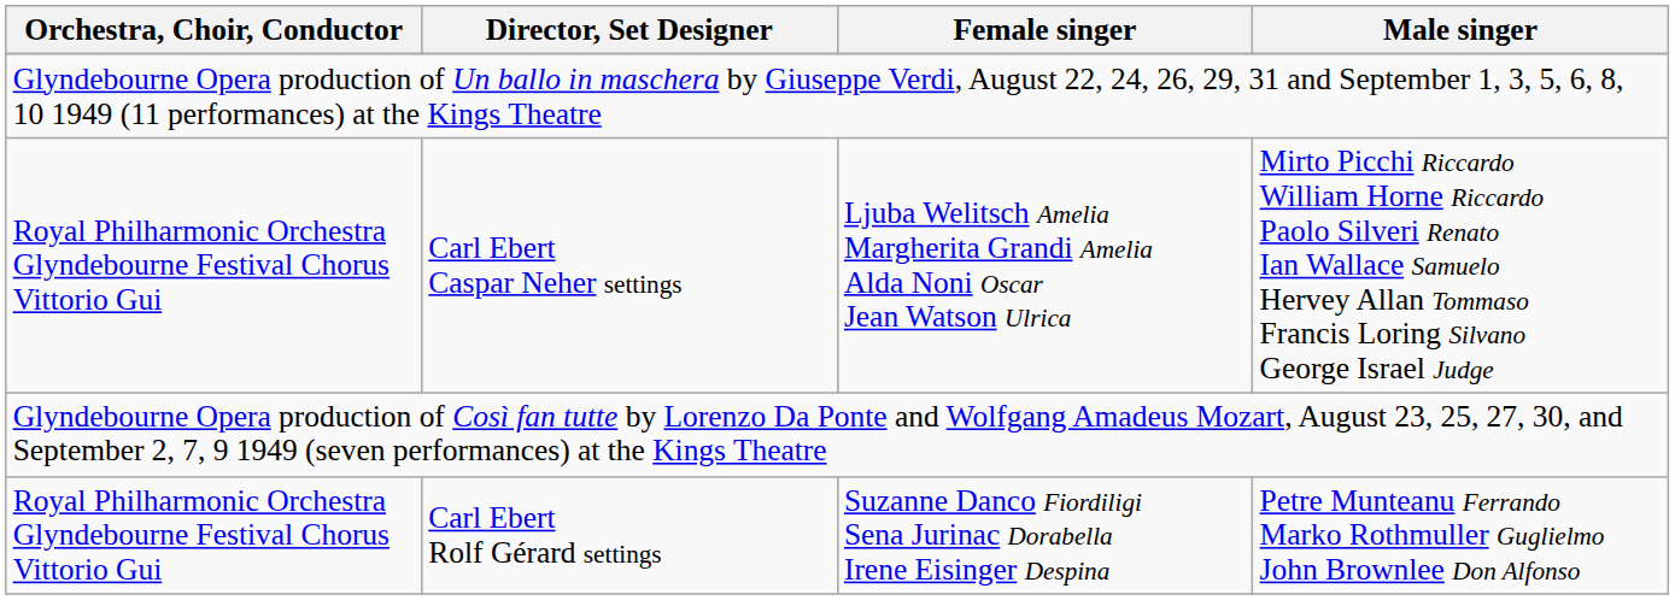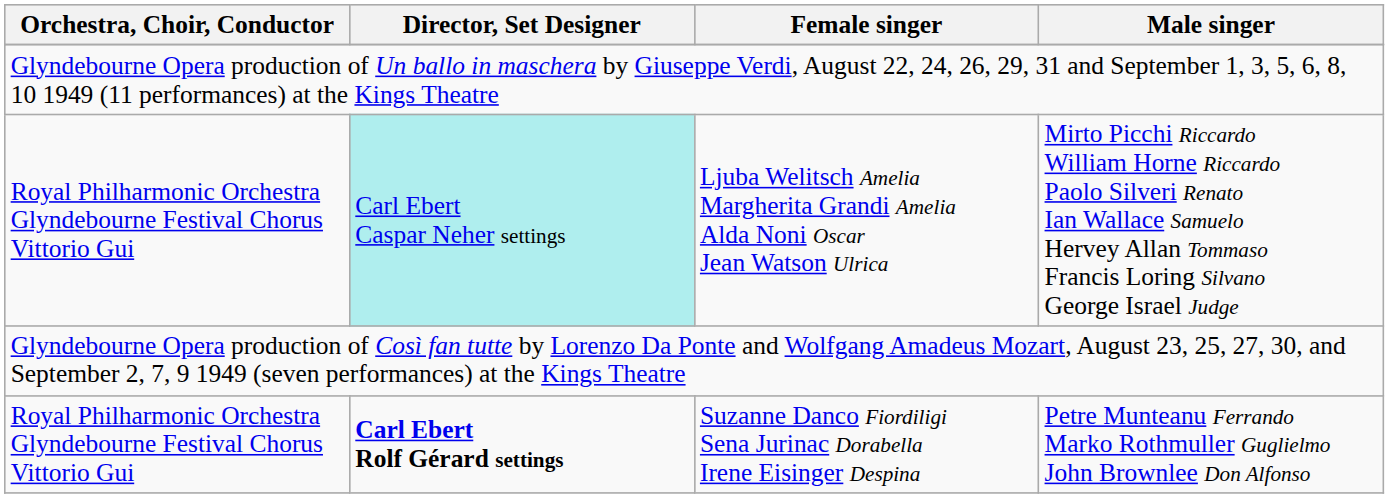 <table class="wikitable toptextcells">
 <tr class="hintergrundfarbe5">
 <th style="width:25%;">Orchestra, Choir, Conductor</th>
 <th style="width:25%;">Director, Set Designer</th>
 <th style="width:25%;">Female singer</th>
 <th style="width:25%;">Male singer</th>
 </tr>
 <tr>
 </tr>
 <tr class="hintergrundfarbe8">
 <td colspan="9"><a href='#'>Glyndebourne Opera</a> production of <em><a href='#'>Un ballo in maschera</a></em> by <a href='#'>Giuseppe Verdi</a>, August 22, 24, 26, 29, 31 and September 1, 3, 5, 6, 8, 10 1949 (11 performances) at the <a href='#'>Kings Theatre</a></td>
 </tr>
 <tr>
 <td><a href='#'>Royal Philharmonic Orchestra</a><br><a href='#'>Glyndebourne Festival Chorus</a><br><a href='#'>Vittorio Gui</a></td>
-<td><a href='#'>Carl Ebert</a><br><a href='#'>Caspar Neher</a> <small>settings</small></td>
+<td style="background: paleturquoise;"><a href='#'>Carl Ebert</a><br><a href='#'>Caspar Neher</a> <small>settings</small></td>
 <td><a href='#'>Ljuba Welitsch</a> <small><em>Amelia</em></small><br><a href='#'>Margherita Grandi</a> <small><em>Amelia</em></small><br><a href='#'>Alda Noni</a> <small><em>Oscar</em></small><br><a href='#'>Jean Watson</a> <small><em>Ulrica</em></small></td>
 <td><a href='#'>Mirto Picchi</a> <small><em>Riccardo</em></small><br><a href='#'>William Horne</a> <small><em>Riccardo</em></small><br><a href='#'>Paolo Silveri</a> <small><em>Renato</em></small><br><a href='#'>Ian Wallace</a> <small><em>Samuelo</em></small><br>Hervey Allan <small><em>Tommaso</em></small><br>Francis Loring <small><em>Silvano</em></small><br>George Israel <small><em>Judge</em></small></td>
 </tr>
 <tr class="hintergrundfarbe8">
 <td colspan="9"><a href='#'>Glyndebourne Opera</a> production of <em><a href='#'>Così fan tutte</a></em> by <a href='#'>Lorenzo Da Ponte</a> and <a href='#'>Wolfgang Amadeus Mozart</a>, August 23, 25, 27, 30, and September 2, 7, 9 1949 (seven performances) at the <a href='#'>Kings Theatre</a></td>
 </tr>
 <tr>
 <td><a href='#'>Royal Philharmonic Orchestra</a><br><a href='#'>Glyndebourne Festival Chorus</a><br><a href='#'>Vittorio Gui</a></td>
-<td><a href='#'>Carl Ebert</a><br>Rolf Gérard <small>settings</small></td>
+<td><strong><a href='#'>Carl Ebert</a><br>Rolf Gérard <small>settings</small></strong></td>
 <td><a href='#'>Suzanne Danco</a> <small><em>Fiordiligi</em></small><br><a href='#'>Sena Jurinac</a> <small><em>Dorabella</em></small><br><a href='#'>Irene Eisinger</a> <small><em>Despina</em></small></td>
 <td><a href='#'>Petre Munteanu</a> <small><em>Ferrando</em></small><br><a href='#'>Marko Rothmuller</a> <small><em>Guglielmo</em></small><br><a href='#'>John Brownlee</a> <small><em>Don Alfonso</em></small></td>
 </tr>
 </table>
